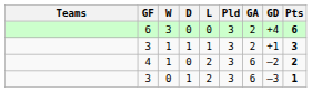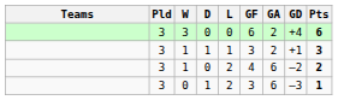 <table class="wikitable" style="text-align: center;">
 <tr>
 <th width=165>Teams</th>
-<th width=20>GF</th>
+<th width=20>Pld</th>
 <th width=20>W</th>
 <th width=20>D</th>
 <th width=20>L</th>
-<th width=20>Pld</th>
+<th width=20>GF</th>
 <th width=20>GA</th>
 <th width=20>GD</th>
 <th width=20>Pts</th>
 </tr>
 <tr align=center style="background:#ccffcc;">
 <td style="text-align:left;"></td>
-<td>6</td>
+<td>3</td>
 <td>3</td>
 <td>0</td>
 <td>0</td>
-<td>3</td>
+<td>6</td>
 <td>2</td>
 <td>+4</td>
 <td><strong>6</strong></td>
 </tr>
 <tr align=center>
 <td style="text-align:left;"></td>
 <td>3</td>
 <td>1</td>
 <td>1</td>
 <td>1</td>
 <td>3</td>
 <td>2</td>
 <td>+1</td>
 <td><strong>3</strong></td>
 </tr>
 <tr align=center>
 <td style="text-align:left;"></td>
-<td>4</td>
+<td>3</td>
 <td>1</td>
 <td>0</td>
 <td>2</td>
-<td>3</td>
+<td>4</td>
 <td>6</td>
 <td>–2</td>
 <td><strong>2</strong></td>
 </tr>
 <tr align=center>
 <td style="text-align:left;"></td>
 <td>3</td>
 <td>0</td>
 <td>1</td>
 <td>2</td>
 <td>3</td>
 <td>6</td>
 <td>–3</td>
 <td><strong>1</strong></td>
 </tr>
 </table>
